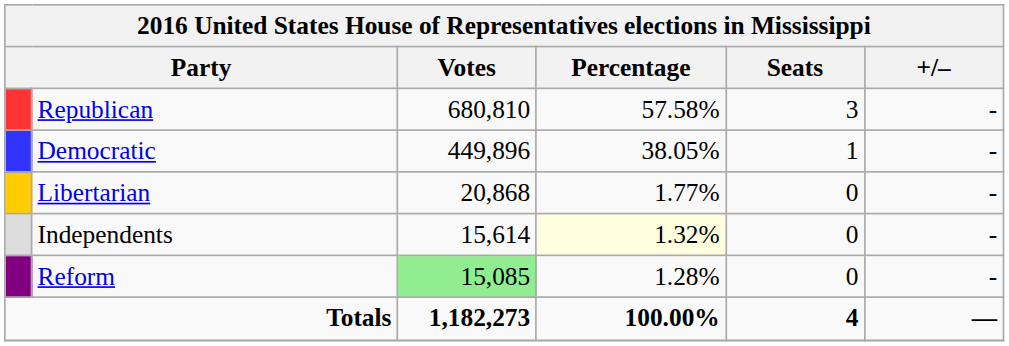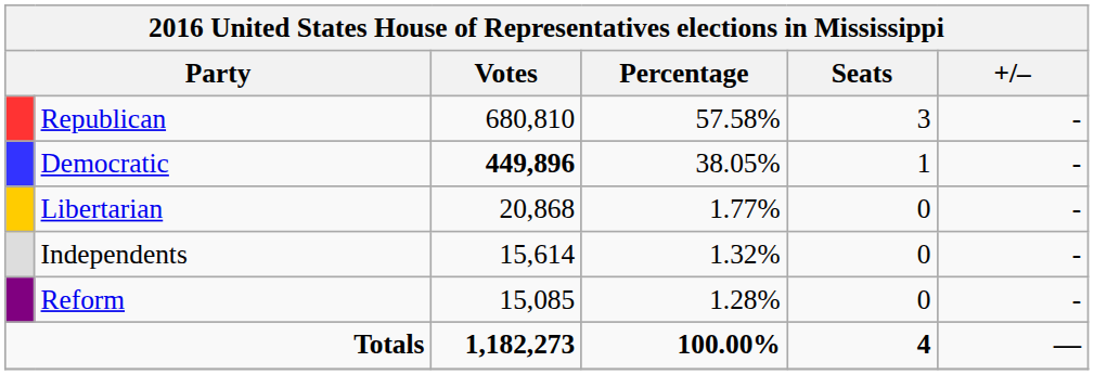 <table class="wikitable" style="font-size: 95%;">
 <tr>
 <th colspan="6">2016 United States House of Representatives elections in Mississippi</th>
 </tr>
 <tr>
 <th colspan=2 style="width: 15em">Party</th>
 <th style="width: 5em">Votes</th>
 <th style="width: 7em">Percentage</th>
 <th style="width: 5em">Seats</th>
 <th style="width: 5em">+/–</th>
 </tr>
 <tr>
 <th style="background-color:#FF3333; width: 3px"></th>
 <td style="width: 130px"><a href='#'>Republican</a></td>
 <td align="right">680,810</td>
 <td align="right">57.58%</td>
 <td align="right">3</td>
 <td align="right">-</td>
 </tr>
 <tr>
 <th style="background-color:#3333FF; width: 3px"></th>
 <td style="width: 130px"><a href='#'>Democratic</a></td>
-<td align="right">449,896</td>
+<td align="right"><strong>449,896</strong></td>
 <td align="right">38.05%</td>
 <td align="right">1</td>
 <td align="right">-</td>
 </tr>
 <tr>
 <th style="background-color:#FFCC00; width: 3px"></th>
 <td style="width: 130px"><a href='#'>Libertarian</a></td>
 <td align="right">20,868</td>
 <td align="right">1.77%</td>
 <td align="right">0</td>
 <td align="right">-</td>
 </tr>
 <tr>
 <th style="background-color:#DDDDDD; width: 3px"></th>
 <td style="width: 130px">Independents</td>
 <td align="right">15,614</td>
-<td align="right" style="background: lightyellow;">1.32%</td>
+<td align="right">1.32%</td>
 <td align="right">0</td>
 <td align="right">-</td>
 </tr>
 <tr>
 <th style="background-color:#800080; width: 3px"></th>
 <td style="width: 130px"><a href='#'>Reform</a></td>
-<td align="right" style="background: lightgreen;">15,085</td>
+<td align="right">15,085</td>
 <td align="right">1.28%</td>
 <td align="right">0</td>
 <td align="right">-</td>
 </tr>
 <tr>
 <td colspan="2" align="right"><strong>Totals</strong></td>
 <td align="right"><strong>1,182,273</strong></td>
 <td align="right"><strong>100.00%</strong></td>
 <td align="right"><strong>4</strong></td>
 <td align="right"><strong>—</strong></td>
 </tr>
 <tr bgcolor="#EEEEEE">
 </tr>
 </table>
